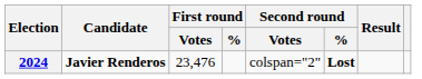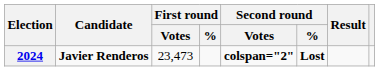 <table class="wikitable" style="text-align:center">
 <tr>
 <th rowspan="2"><strong>Election</strong></th>
 <th rowspan="2">Candidate</th>
 <th colspan="2" scope="col">First round</th>
 <th colspan="2">Second round</th>
 <th rowspan="2">Result</th>
 <th rowspan="2"></th>
 </tr>
 <tr>
 <th><strong>Votes</strong></th>
 <th><strong>%</strong></th>
 <th><strong>Votes</strong></th>
 <th><strong>%</strong></th>
 </tr>
 <tr>
 <th><a href='#'>2024</a></th>
 <td><strong>Javier Renderos</strong></td>
-<td>23,476</td>
+<td>23,473</td>
 <td></td>
-<td>colspan="2" </td>
+<td><strong>colspan="2" </strong></td>
 <td><strong>Lost</strong> </td>
 <td></td>
 </tr>
 </table>
